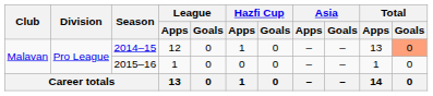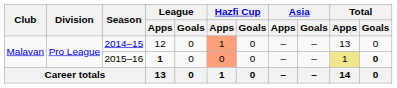 <table class="wikitable" style="text-align: center;">
 <tr>
 <th rowspan="2">Club</th>
 <th rowspan="2">Division</th>
 <th rowspan="2">Season</th>
 <th colspan="2">League</th>
 <th colspan="2"><a href='#'>Hazfi Cup</a></th>
 <th colspan="2"><a href='#'>Asia</a></th>
 <th colspan="2">Total</th>
 </tr>
 <tr>
 <th>Apps</th>
 <th>Goals</th>
 <th>Apps</th>
 <th>Goals</th>
 <th>Apps</th>
 <th>Goals</th>
 <th>Apps</th>
 <th>Goals</th>
 </tr>
 <tr>
 <td rowspan="2"><a href='#'>Malavan</a></td>
 <td rowspan="2"><a href='#'>Pro League</a></td>
 <td><a href='#'>2014–15</a></td>
 <td>12</td>
 <td>0</td>
-<td>1</td>
+<td style="background: lightsalmon;">1</td>
 <td>0</td>
 <td>–</td>
 <td>–</td>
 <td>13</td>
-<td style="background: lightsalmon;">0</td>
+<td>0</td>
 </tr>
 <tr>
 <td>2015–16</td>
-<td>1</td>
+<td><strong>1</strong></td>
 <td>0</td>
-<td>0</td>
+<td style="background: lightsalmon;">0</td>
 <td>0</td>
 <td>–</td>
 <td>–</td>
-<td>1</td>
-<td>0</td>
+<td style="background: khaki;">1</td>
+<td><strong>0</strong></td>
 </tr>
 <tr>
 <th colspan=3>Career totals</th>
 <th>13</th>
 <th>0</th>
 <th>1</th>
 <th>0</th>
 <th>–</th>
 <th>–</th>
 <th>14</th>
 <th>0</th>
 </tr>
 </table>
